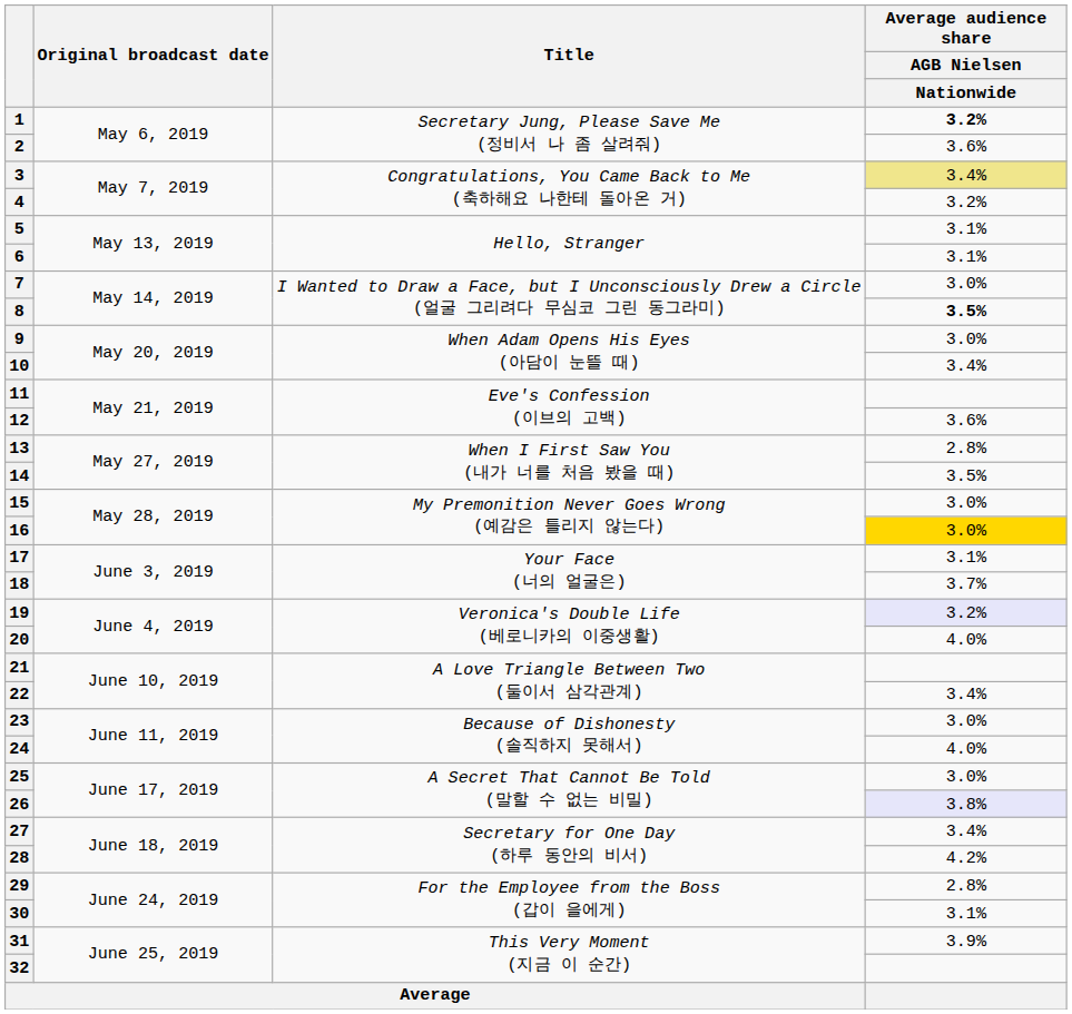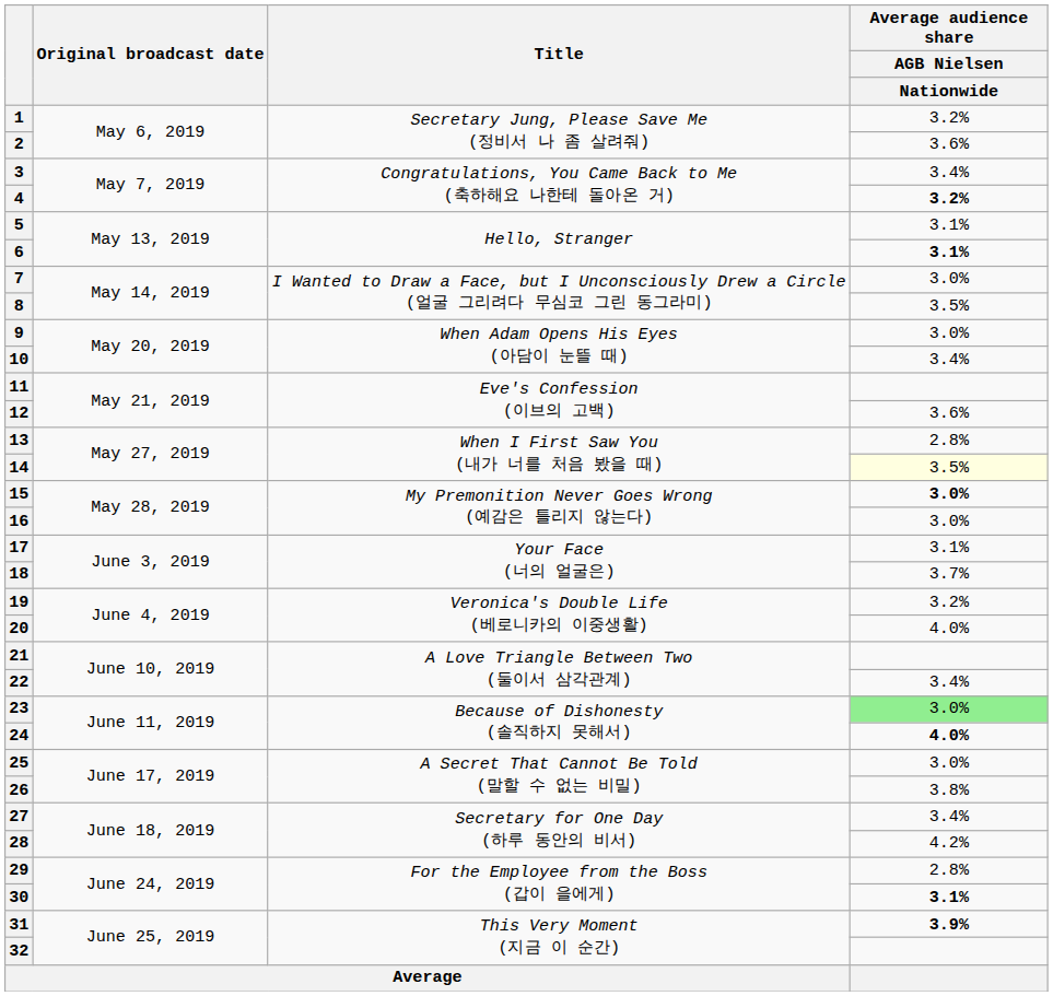 <table class="wikitable" style="text-align:center">
 <tr>
 <th rowspan="3"></th>
 <th rowspan="3">Original broadcast date</th>
 <th rowspan="3">Title</th>
 <th width="150">Average audience share</th>
 </tr>
 <tr>
 <th>AGB Nielsen</th>
 </tr>
 <tr>
 <th>Nationwide</th>
 </tr>
 <tr>
 <th>1</th>
 <td rowspan="2">May 6, 2019</td>
 <td rowspan="2"><em>Secretary Jung, Please Save Me</em><br>(정비서 나 좀 살려줘)</td>
-<td><strong>3.2%</strong></td>
+<td>3.2%</td>
 </tr>
 <tr>
 <th>2</th>
 <td>3.6%</td>
 </tr>
 <tr>
 <th>3</th>
 <td rowspan="2">May 7, 2019</td>
 <td rowspan="2"><em>Congratulations, You Came Back to Me</em><br>(축하해요 나한테 돌아온 거)</td>
-<td style="background: khaki;">3.4%</td>
+<td>3.4%</td>
 </tr>
 <tr>
 <th>4</th>
-<td>3.2%</td>
+<td><strong>3.2%</strong></td>
 </tr>
 <tr>
 <th>5</th>
 <td rowspan="2">May 13, 2019</td>
 <td rowspan="2"><em>Hello, Stranger</em></td>
 <td>3.1%</td>
 </tr>
 <tr>
 <th>6</th>
-<td>3.1%</td>
+<td><strong>3.1%</strong></td>
 </tr>
 <tr>
 <th>7</th>
 <td rowspan="2">May 14, 2019</td>
 <td rowspan="2"><em>I Wanted to Draw a Face, but I Unconsciously Drew a Circle</em><br>(얼굴 그리려다 무심코 그린 동그라미)</td>
 <td>3.0%</td>
 </tr>
 <tr>
 <th>8</th>
-<td><strong>3.5%</strong></td>
+<td>3.5%</td>
 </tr>
 <tr>
 <th>9</th>
 <td rowspan="2">May 20, 2019</td>
 <td rowspan="2"><em>When Adam Opens His Eyes</em><br>(아담이 눈뜰 때)</td>
 <td>3.0%</td>
 </tr>
 <tr>
 <th>10</th>
 <td>3.4%</td>
 </tr>
 <tr>
 <th>11</th>
 <td rowspan="2">May 21, 2019</td>
 <td rowspan="2"><em>Eve's Confession</em><br>(이브의 고백)</td>
 <td></td>
 </tr>
 <tr>
 <th>12</th>
 <td>3.6%</td>
 </tr>
 <tr>
 <th>13</th>
 <td rowspan="2">May 27, 2019</td>
 <td rowspan="2"><em>When I First Saw You</em><br>(내가 너를 처음 봤을 때)</td>
 <td>2.8%</td>
 </tr>
 <tr>
 <th>14</th>
-<td>3.5%</td>
+<td style="background: lightyellow;">3.5%</td>
 </tr>
 <tr>
 <th>15</th>
 <td rowspan="2">May 28, 2019</td>
 <td rowspan="2"><em>My Premonition Never Goes Wrong</em><br>(예감은 틀리지 않는다)</td>
-<td>3.0%</td>
+<td><strong>3.0%</strong></td>
 </tr>
 <tr>
 <th>16</th>
-<td style="background: gold;">3.0%</td>
+<td>3.0%</td>
 </tr>
 <tr>
 <th>17</th>
 <td rowspan="2">June 3, 2019</td>
 <td rowspan="2"><em>Your Face</em><br>(너의 얼굴은)</td>
 <td>3.1%</td>
 </tr>
 <tr>
 <th>18</th>
 <td>3.7%</td>
 </tr>
 <tr>
 <th>19</th>
 <td rowspan="2">June 4, 2019</td>
 <td rowspan="2"><em>Veronica's Double Life</em><br>(베로니카의 이중생활)</td>
-<td style="background: lavender;">3.2%</td>
+<td>3.2%</td>
 </tr>
 <tr>
 <th>20</th>
 <td>4.0%</td>
 </tr>
 <tr>
 <th>21</th>
 <td rowspan="2">June 10, 2019</td>
 <td rowspan="2"><em>A Love Triangle Between Two</em><br>(둘이서 삼각관계)</td>
 <td></td>
 </tr>
 <tr>
 <th>22</th>
 <td>3.4%</td>
 </tr>
 <tr>
 <th>23</th>
 <td rowspan="2">June 11, 2019</td>
 <td rowspan="2"><em>Because of Dishonesty</em><br>(솔직하지 못해서)</td>
-<td>3.0%</td>
+<td style="background: lightgreen;">3.0%</td>
 </tr>
 <tr>
 <th>24</th>
-<td>4.0%</td>
+<td><strong>4.0%</strong></td>
 </tr>
 <tr>
 <th>25</th>
 <td rowspan="2">June 17, 2019</td>
 <td rowspan="2"><em>A Secret That Cannot Be Told</em><br>(말할 수 없는 비밀)</td>
 <td>3.0%</td>
 </tr>
 <tr>
 <th>26</th>
-<td style="background: lavender;">3.8%</td>
+<td>3.8%</td>
 </tr>
 <tr>
 <th>27</th>
 <td rowspan="2">June 18, 2019</td>
 <td rowspan="2"><em>Secretary for One Day</em><br>(하루 동안의 비서)</td>
 <td>3.4%</td>
 </tr>
 <tr>
 <th>28</th>
 <td>4.2%</td>
 </tr>
 <tr>
 <th>29</th>
 <td rowspan="2">June 24, 2019</td>
 <td rowspan="2"><em>For the Employee from the Boss</em><br>(갑이 을에게)</td>
 <td>2.8%</td>
 </tr>
 <tr>
 <th>30</th>
-<td>3.1%</td>
+<td><strong>3.1%</strong></td>
 </tr>
 <tr>
 <th>31</th>
 <td rowspan="2">June 25, 2019</td>
 <td rowspan="2"><em>This Very Moment</em><br>(지금 이 순간)</td>
-<td>3.9%</td>
+<td><strong>3.9%</strong></td>
 </tr>
 <tr>
 <th>32</th>
 <td></td>
 </tr>
 <tr>
 <th colspan="3">Average</th>
 <th></th>
 </tr>
 </table>
